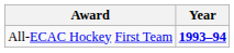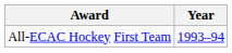 <table class="wikitable">
 <tr>
 <th>Award</th>
 <th>Year</th>
 </tr>
 <tr>
 <td>All-<a href='#'>ECAC Hockey</a> <a href='#'>First Team</a></td>
-<td><strong><a href='#'>1993–94</a></strong></td>
+<td><a href='#'>1993–94</a></td>
 </tr>
 </table>
